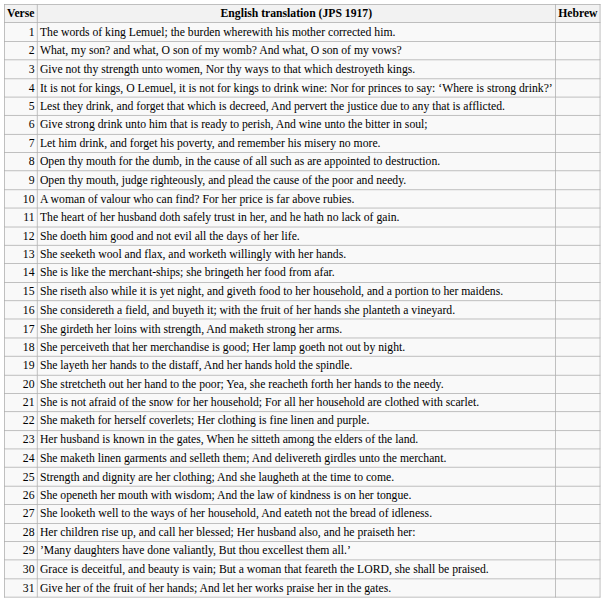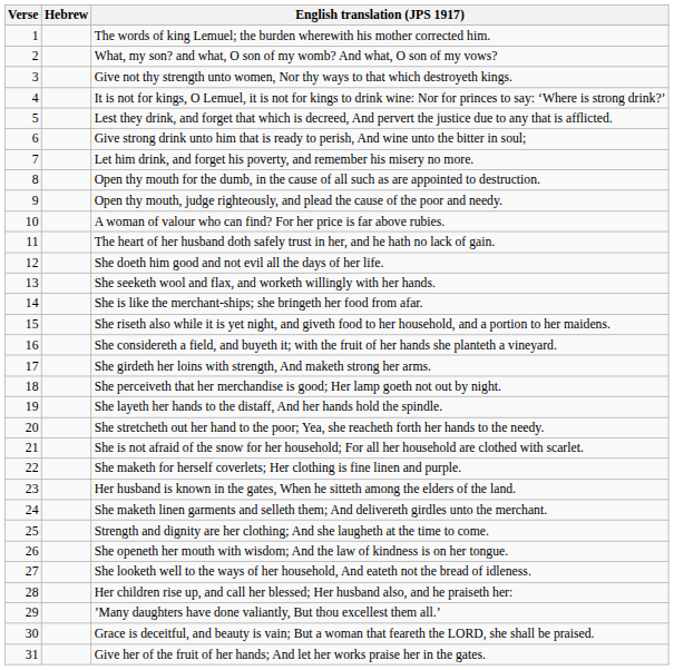 <table class="wikitable">
 <tr>
 <th>Verse</th>
+<th>Hebrew</th>
 <th>English translation (JPS 1917)</th>
-<th>Hebrew</th>
 </tr>
 <tr>
 <td style="text-align:right">1</td>
+<td style="text-align:right"></td>
 <td>The words of king Lemuel; the burden wherewith his mother corrected him.</td>
-<td style="text-align:right"></td>
 </tr>
 <tr>
 <td style="text-align:right">2</td>
+<td style="text-align:right"></td>
 <td>What, my son? and what, O son of my womb? And what, O son of my vows?</td>
-<td style="text-align:right"></td>
 </tr>
 <tr>
 <td style="text-align:right">3</td>
+<td style="text-align:right"></td>
 <td>Give not thy strength unto women, Nor thy ways to that which destroyeth kings.</td>
-<td style="text-align:right"></td>
 </tr>
 <tr>
 <td style="text-align:right">4</td>
+<td style="text-align:right"></td>
 <td>It is not for kings, O Lemuel, it is not for kings to drink wine: Nor for princes to say: ‘Where is strong drink?’</td>
-<td style="text-align:right"></td>
 </tr>
 <tr>
 <td style="text-align:right">5</td>
+<td style="text-align:right"></td>
 <td>Lest they drink, and forget that which is decreed, And pervert the justice due to any that is afflicted.</td>
-<td style="text-align:right"></td>
 </tr>
 <tr>
 <td style="text-align:right">6</td>
+<td style="text-align:right"></td>
 <td>Give strong drink unto him that is ready to perish, And wine unto the bitter in soul;</td>
-<td style="text-align:right"></td>
 </tr>
 <tr>
 <td style="text-align:right">7</td>
+<td style="text-align:right"></td>
 <td>Let him drink, and forget his poverty, and remember his misery no more.</td>
-<td style="text-align:right"></td>
 </tr>
 <tr>
 <td style="text-align:right">8</td>
+<td style="text-align:right"></td>
 <td>Open thy mouth for the dumb, in the cause of all such as are appointed to destruction.</td>
-<td style="text-align:right"></td>
 </tr>
 <tr>
 <td style="text-align:right">9</td>
+<td style="text-align:right"></td>
 <td>Open thy mouth, judge righteously, and plead the cause of the poor and needy.</td>
-<td style="text-align:right"></td>
 </tr>
 <tr>
 <td style="text-align:right">10</td>
+<td style="text-align:right"></td>
 <td>A woman of valour who can find? For her price is far above rubies.</td>
-<td style="text-align:right"></td>
 </tr>
 <tr>
 <td style="text-align:right">11</td>
+<td style="text-align:right"></td>
 <td>The heart of her husband doth safely trust in her, and he hath no lack of gain.</td>
-<td style="text-align:right"></td>
 </tr>
 <tr>
 <td style="text-align:right">12</td>
+<td style="text-align:right"></td>
 <td>She doeth him good and not evil all the days of her life.</td>
-<td style="text-align:right"></td>
 </tr>
 <tr>
 <td style="text-align:right">13</td>
+<td style="text-align:right"></td>
 <td>She seeketh wool and flax, and worketh willingly with her hands.</td>
-<td style="text-align:right"></td>
 </tr>
 <tr>
 <td style="text-align:right">14</td>
+<td style="text-align:right"></td>
 <td>She is like the merchant-ships; she bringeth her food from afar.</td>
-<td style="text-align:right"></td>
 </tr>
 <tr>
 <td style="text-align:right">15</td>
+<td style="text-align:right"></td>
 <td>She riseth also while it is yet night,  and giveth food to her household, and a portion to her maidens.</td>
-<td style="text-align:right"></td>
 </tr>
 <tr>
 <td style="text-align:right">16</td>
+<td style="text-align:right"></td>
 <td>She considereth a field, and buyeth it; with the fruit of her hands she planteth a vineyard.</td>
-<td style="text-align:right"></td>
 </tr>
 <tr>
 <td style="text-align:right">17</td>
+<td style="text-align:right"></td>
 <td>She girdeth her loins with strength, And maketh strong her arms.</td>
-<td style="text-align:right"></td>
 </tr>
 <tr>
 <td style="text-align:right">18</td>
+<td style="text-align:right"></td>
 <td>She perceiveth that her merchandise is good; Her lamp goeth not out by night.</td>
-<td style="text-align:right"></td>
 </tr>
 <tr>
 <td style="text-align:right">19</td>
+<td style="text-align:right"></td>
 <td>She layeth her hands to the distaff, And her hands hold the spindle.</td>
-<td style="text-align:right"></td>
 </tr>
 <tr>
 <td style="text-align:right">20</td>
+<td style="text-align:right"></td>
 <td>She stretcheth out her hand to the poor; Yea, she reacheth forth her hands to the needy.</td>
-<td style="text-align:right"></td>
 </tr>
 <tr>
 <td style="text-align:right">21</td>
+<td style="text-align:right"></td>
 <td>She is not afraid of the snow for her household; For all her household are clothed with scarlet.</td>
-<td style="text-align:right"></td>
 </tr>
 <tr>
 <td style="text-align:right">22</td>
+<td style="text-align:right"></td>
 <td>She maketh for herself coverlets; Her clothing is fine linen and purple.</td>
-<td style="text-align:right"></td>
 </tr>
 <tr>
 <td style="text-align:right">23</td>
+<td style="text-align:right"></td>
 <td>Her husband is known in the gates, When he sitteth among the elders of the land.</td>
-<td style="text-align:right"></td>
 </tr>
 <tr>
 <td style="text-align:right">24</td>
+<td style="text-align:right"></td>
 <td>She maketh linen garments and selleth them; And delivereth girdles unto the merchant.</td>
-<td style="text-align:right"></td>
 </tr>
 <tr>
 <td style="text-align:right">25</td>
+<td style="text-align:right"></td>
 <td>Strength and dignity are her clothing; And she laugheth at the time to come.</td>
-<td style="text-align:right"></td>
 </tr>
 <tr>
 <td style="text-align:right">26</td>
+<td style="text-align:right"></td>
 <td>She openeth her mouth with wisdom; And the law of kindness is on her tongue.</td>
-<td style="text-align:right"></td>
 </tr>
 <tr>
 <td style="text-align:right">27</td>
+<td style="text-align:right"></td>
 <td>She looketh well to the ways of her household, And eateth not the bread of idleness.</td>
-<td style="text-align:right"></td>
 </tr>
 <tr>
 <td style="text-align:right">28</td>
+<td style="text-align:right"></td>
 <td>Her children rise up, and call her blessed; Her husband also, and he praiseth her:</td>
-<td style="text-align:right"></td>
 </tr>
 <tr>
 <td style="text-align:right">29</td>
+<td style="text-align:right"></td>
 <td>’Many daughters have done valiantly, But thou excellest them all.’</td>
-<td style="text-align:right"></td>
 </tr>
 <tr>
 <td style="text-align:right">30</td>
+<td style="text-align:right"></td>
 <td>Grace is deceitful, and beauty is vain; But a woman that feareth the LORD, she shall be praised.</td>
-<td style="text-align:right"></td>
 </tr>
 <tr>
 <td style="text-align:right">31</td>
+<td style="text-align:right"></td>
 <td>Give her of the fruit of her hands; And let her works praise her in the gates.</td>
-<td style="text-align:right"></td>
 </tr>
 </table>
